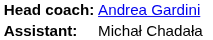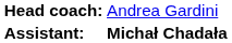 <table>
 <tr>
 <td><strong>Head coach:</strong></td>
 <td> <a href='#'>Andrea Gardini</a></td>
 </tr>
 <tr>
 <td><strong>Assistant:</strong></td>
-<td> Michał Chadała</td>
+<td><strong> Michał Chadała</strong></td>
 </tr>
 <tr>
 </tr>
 </table>
